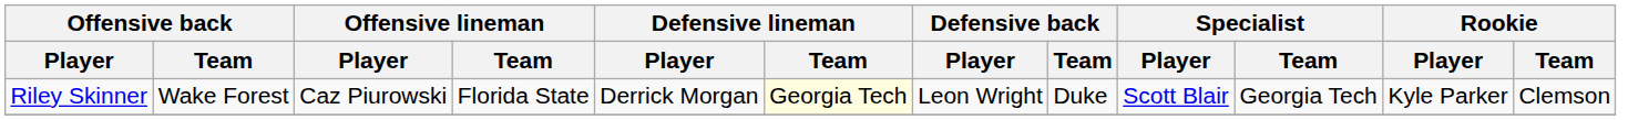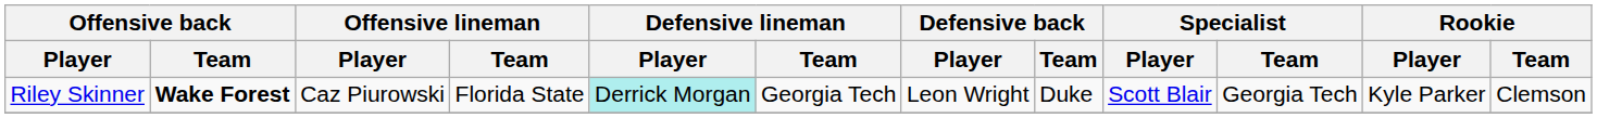 <table class="wikitable" border="1">
 <tr>
 <th colspan="2">Offensive back</th>
 <th colspan="2">Offensive lineman</th>
 <th colspan="2">Defensive lineman</th>
 <th colspan="2">Defensive back</th>
 <th colspan="2">Specialist</th>
 <th colspan="2">Rookie</th>
 </tr>
 <tr>
 <th>Player</th>
 <th>Team</th>
 <th>Player</th>
 <th>Team</th>
 <th>Player</th>
 <th>Team</th>
 <th>Player</th>
 <th>Team</th>
 <th>Player</th>
 <th>Team</th>
 <th>Player</th>
 <th>Team</th>
 </tr>
 <tr>
 <td><a href='#'>Riley Skinner</a></td>
-<td>Wake Forest</td>
+<td><strong>Wake Forest</strong></td>
 <td>Caz Piurowski</td>
 <td>Florida State</td>
-<td>Derrick Morgan</td>
-<td style="background: lightyellow;">Georgia Tech</td>
+<td style="background: paleturquoise;">Derrick Morgan</td>
+<td>Georgia Tech</td>
 <td>Leon Wright</td>
 <td>Duke</td>
 <td><a href='#'>Scott Blair</a></td>
 <td>Georgia Tech</td>
 <td>Kyle Parker</td>
 <td>Clemson</td>
 </tr>
 <tr>
 </tr>
 </table>
